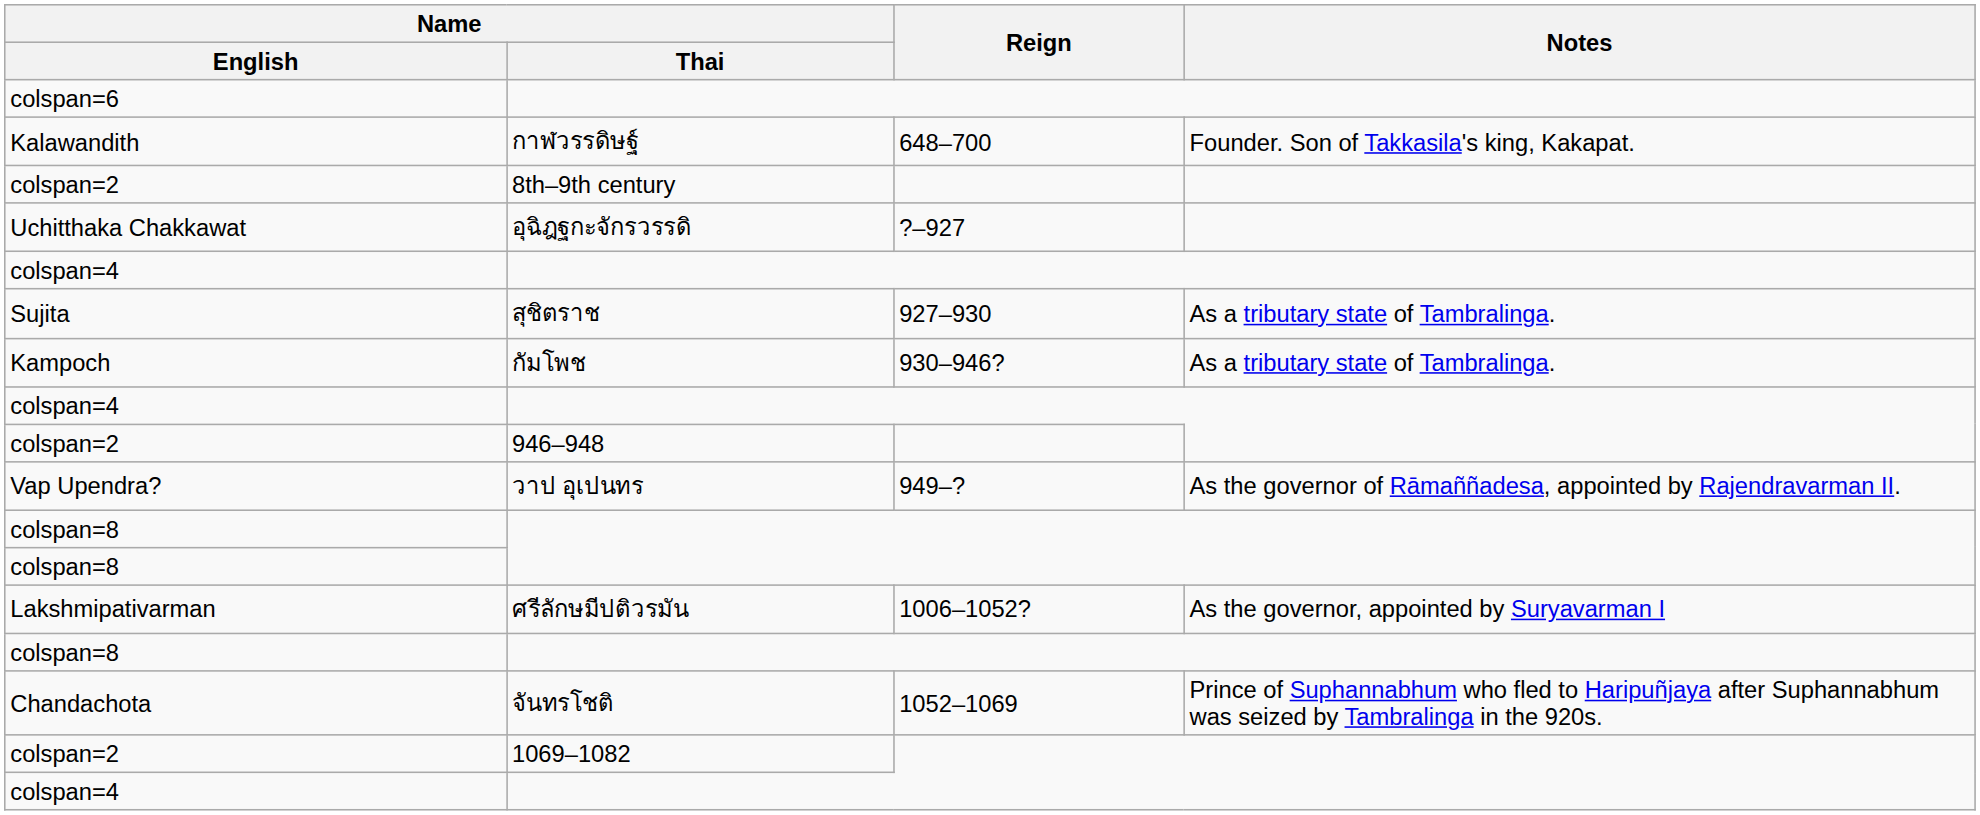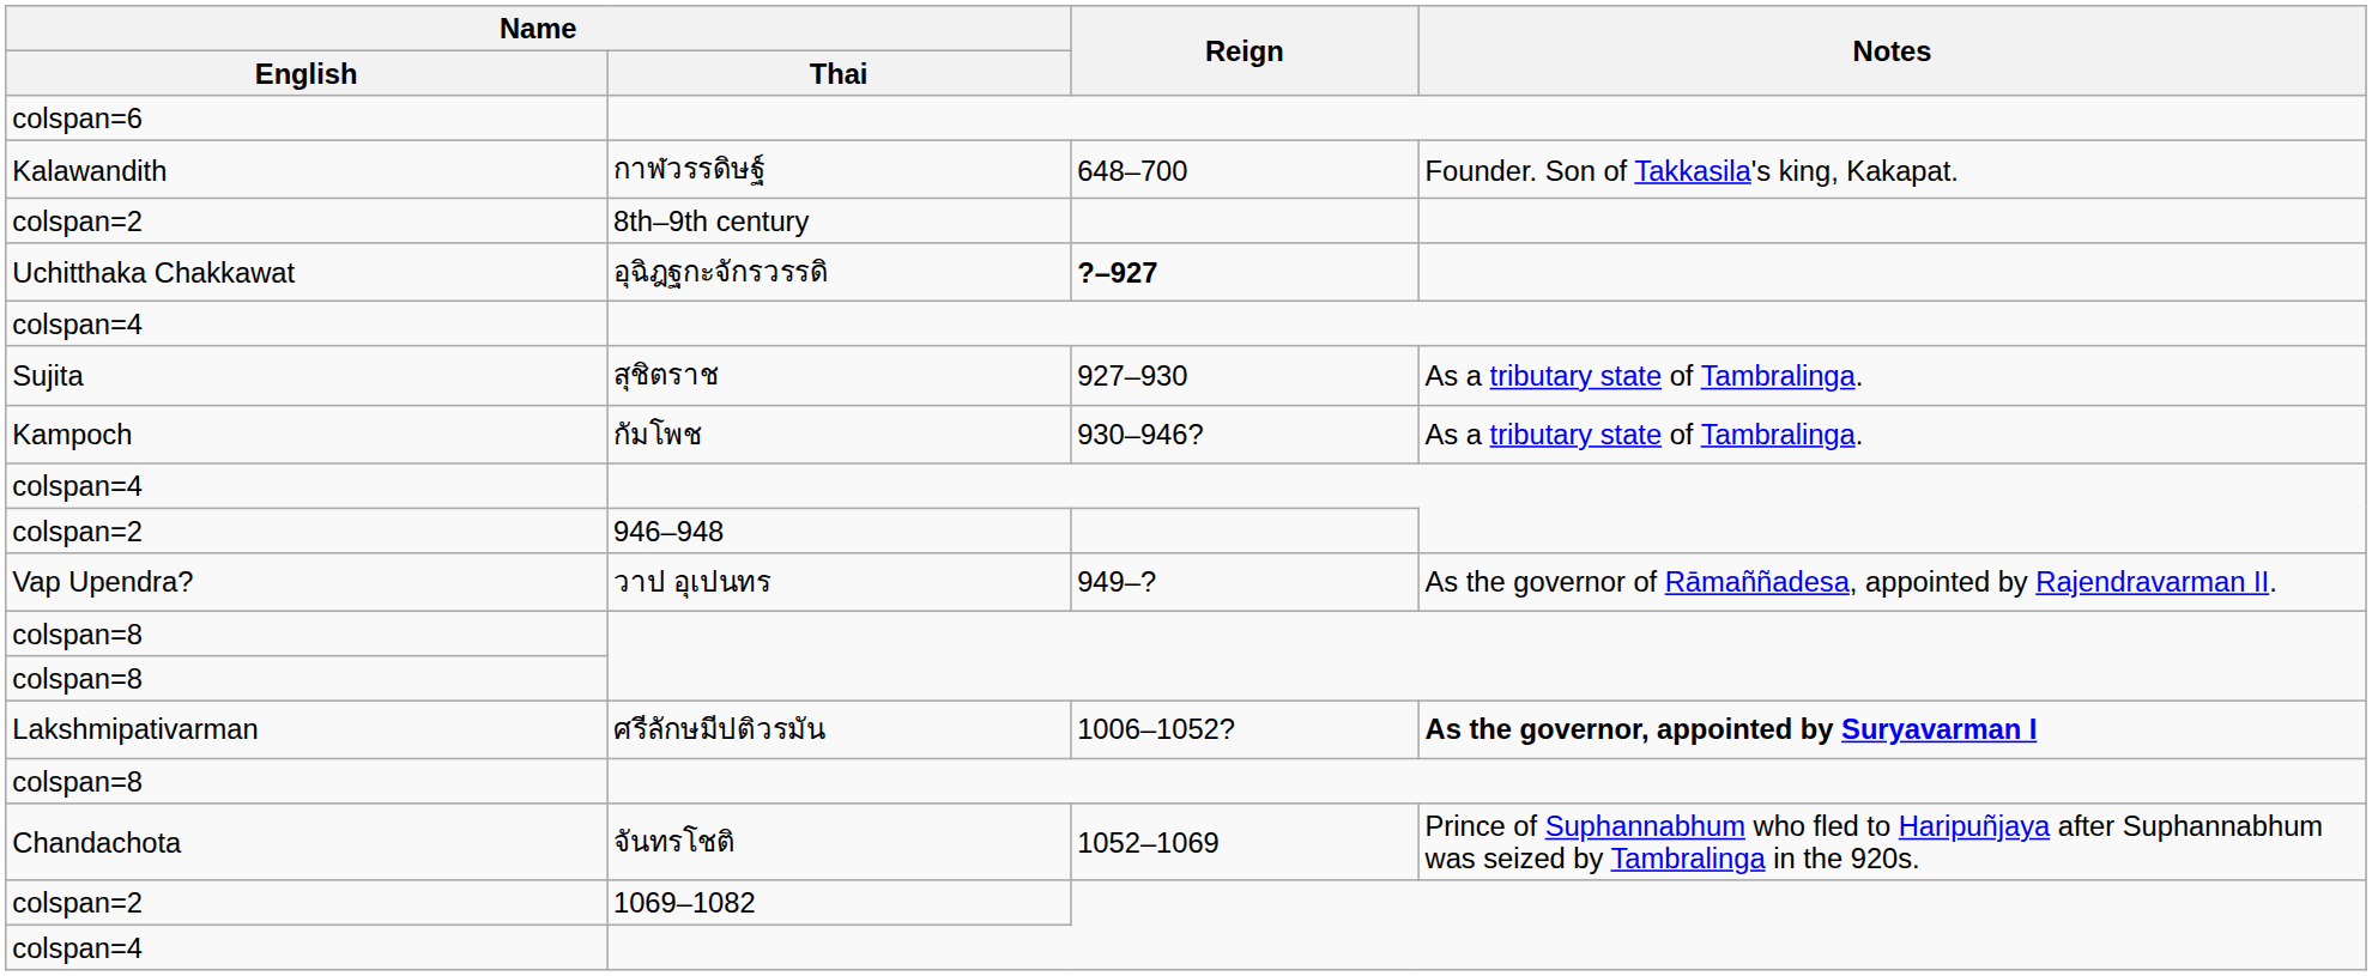 <table class="wikitable" style="font-size:95%; width:100%">
 <tr>
 <th colspan=2>Name</th>
 <th rowspan=2>Reign</th>
 <th rowspan=2 width=500px>Notes</th>
 </tr>
 <tr>
 <th>English</th>
 <th>Thai</th>
 </tr>
 <tr>
 <td>colspan=6 </td>
 </tr>
 <tr>
 <td>Kalawandith</td>
 <td>กาฬวรรดิษฐ์</td>
 <td>648–700</td>
 <td>Founder. Son of <a href='#'>Takkasila</a>'s king, Kakapat.</td>
 </tr>
 <tr>
 <td>colspan=2 </td>
 <td>8th–9th century</td>
 <td></td>
 </tr>
 <tr>
 <td>Uchitthaka Chakkawat</td>
 <td>อุฉิฎฐกะจักรวรรดิ</td>
-<td>?–927</td>
+<td><strong>?–927</strong></td>
 <td></td>
 </tr>
 <tr>
 <td>colspan=4 </td>
 </tr>
 <tr>
 <td>Sujita</td>
 <td>สุชิตราช</td>
 <td>927–930</td>
 <td>As a <a href='#'>tributary state</a> of <a href='#'>Tambralinga</a>.</td>
 </tr>
 <tr>
 <td>Kampoch</td>
 <td>กัมโพช</td>
 <td>930–946?</td>
 <td>As a <a href='#'>tributary state</a> of <a href='#'>Tambralinga</a>.</td>
 </tr>
 <tr>
 <td>colspan=4 </td>
 </tr>
 <tr>
 <td>colspan=2 </td>
 <td>946–948</td>
 <td></td>
 </tr>
 <tr>
 <td>Vap Upendra?</td>
 <td>วาป อุเปนทร</td>
 <td>949–?</td>
 <td>As the governor of <a href='#'>Rāmaññadesa</a>, appointed by <a href='#'>Rajendravarman II</a>.</td>
 </tr>
 <tr>
 <td>colspan=8 </td>
 </tr>
 <tr>
 <td>colspan=8 </td>
 </tr>
 <tr>
 <td>Lakshmipativarman	</td>
 <td>ศรีลักษมีปติวรมัน</td>
 <td>1006–1052?</td>
-<td>As the governor, appointed by <a href='#'>Suryavarman I</a></td>
+<td><strong>As the governor, appointed by <a href='#'>Suryavarman I</a></strong></td>
 </tr>
 <tr>
 <td>colspan=8 </td>
 </tr>
 <tr>
 <td>Chandachota</td>
 <td>จันทรโชติ</td>
 <td>1052–1069</td>
 <td colspan=3>Prince of <a href='#'>Suphannabhum</a> who fled to <a href='#'>Haripuñjaya</a> after Suphannabhum was seized by <a href='#'>Tambralinga</a> in the 920s.</td>
 </tr>
 <tr>
 <td>colspan=2 </td>
 <td>1069–1082</td>
 </tr>
 <tr>
 <td>colspan=4 </td>
 </tr>
 </table>
